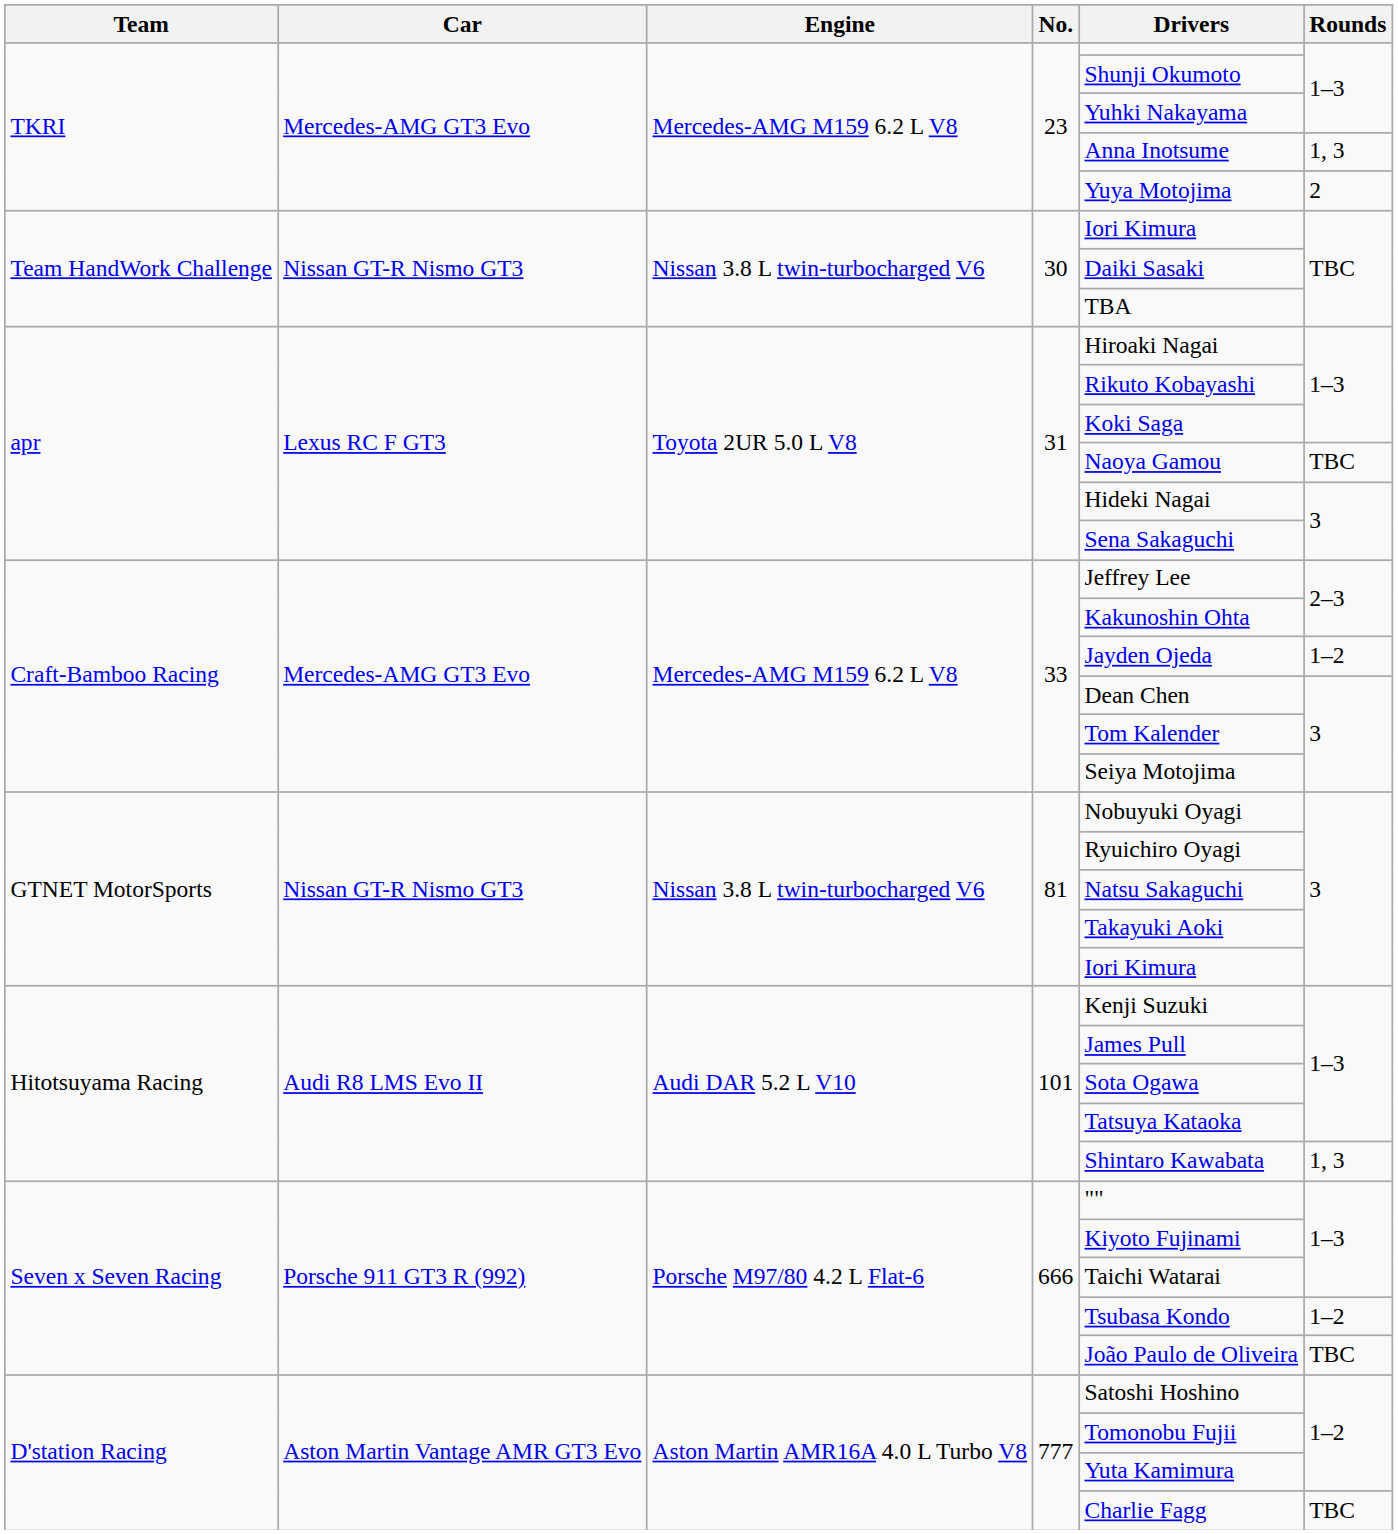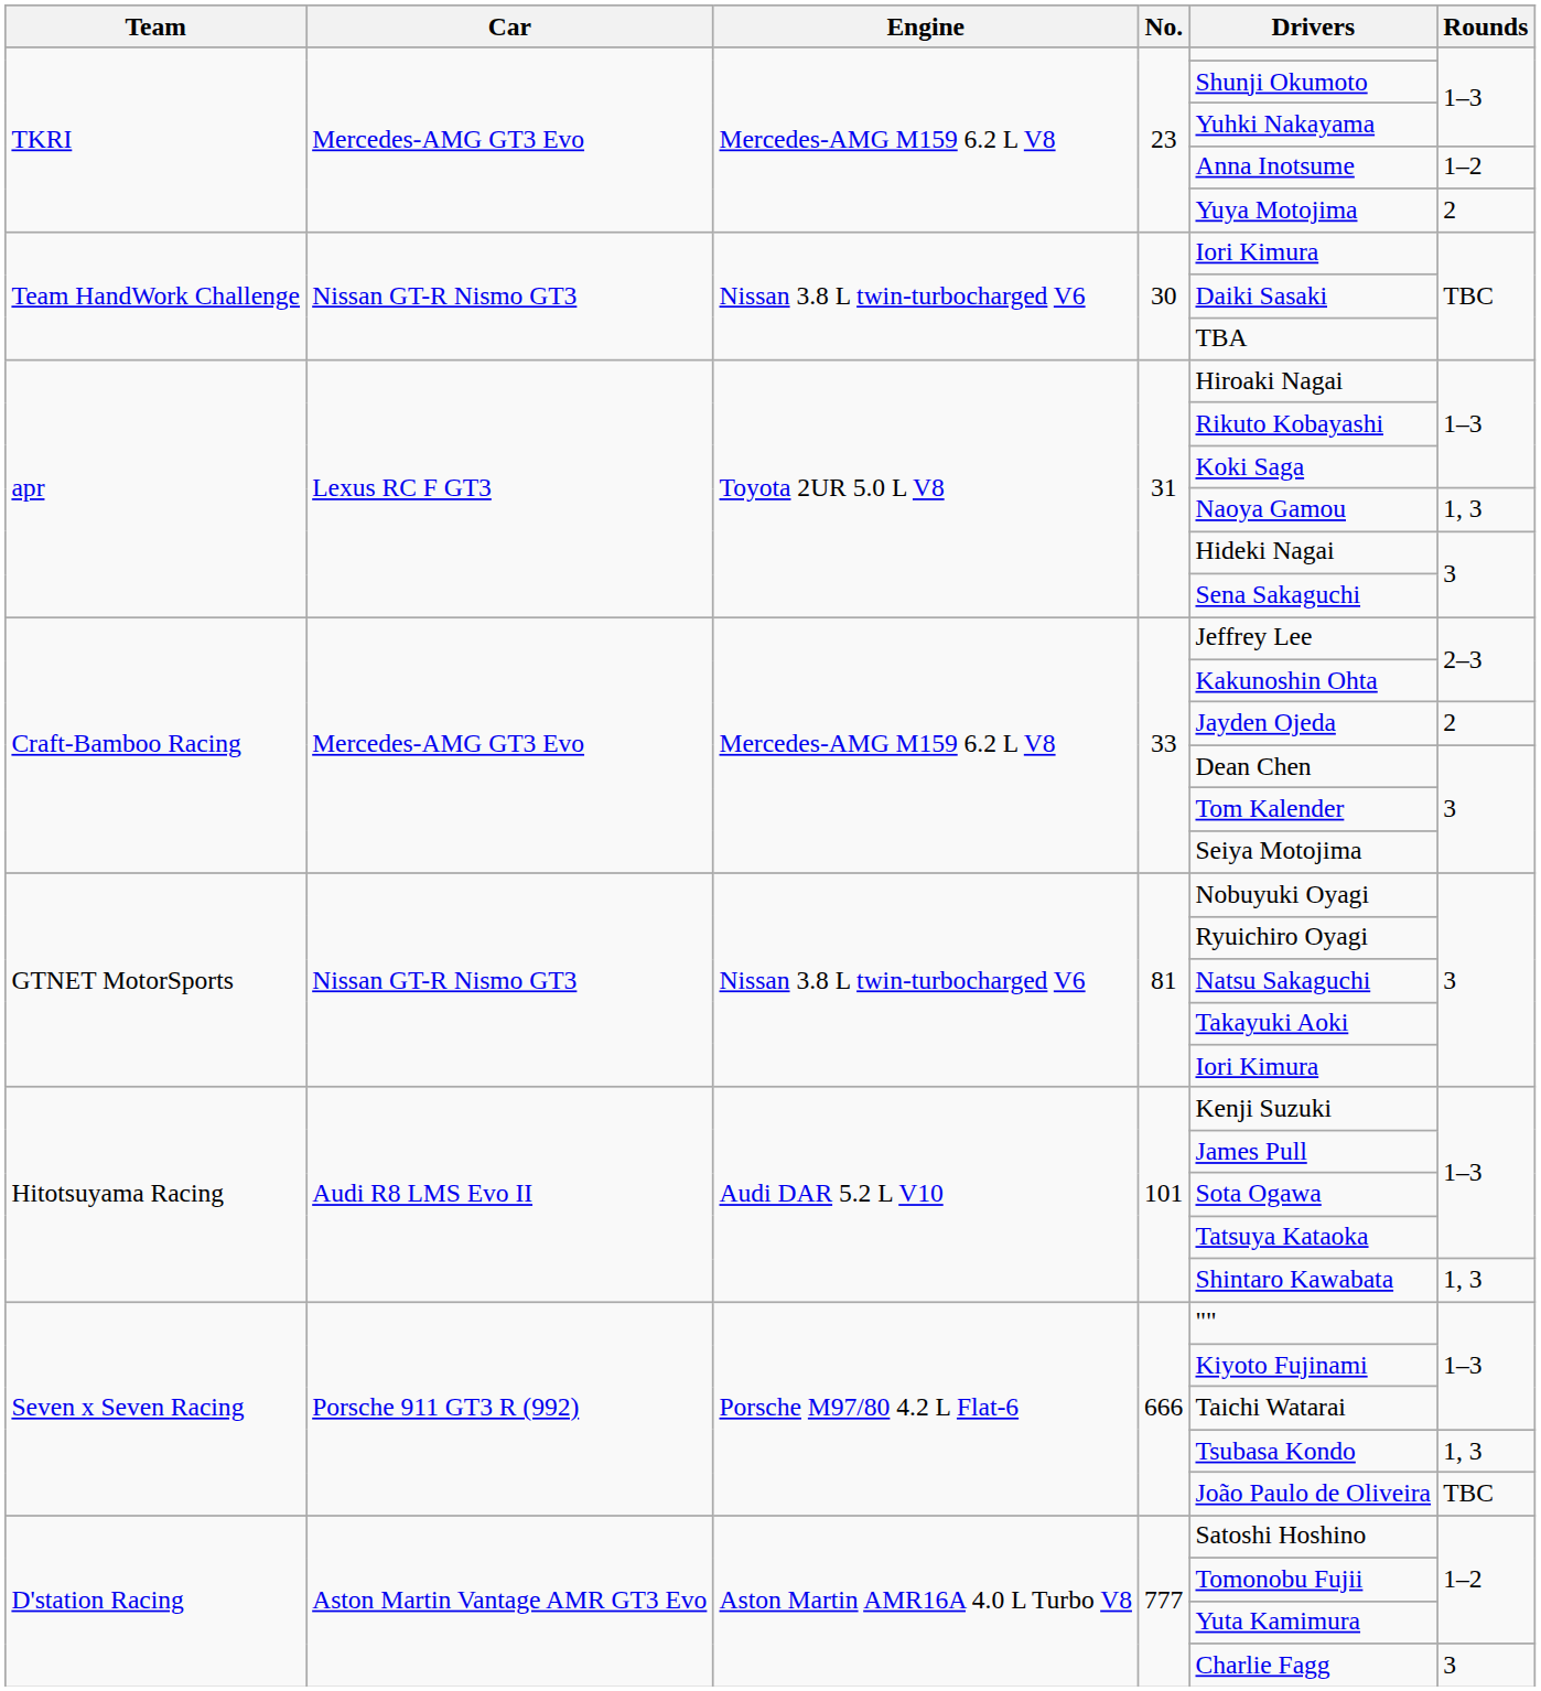 <table class="wikitable" style="font-size: 85%">
 <tr>
 <th>Team</th>
 <th>Car</th>
 <th>Engine</th>
 <th>No.</th>
 <th>Drivers</th>
 <th>Rounds</th>
 </tr>
 <tr>
 <td rowspan="5"> <a href='#'>TKRI</a></td>
 <td rowspan="5"><a href='#'>Mercedes-AMG GT3 Evo</a></td>
 <td rowspan="5"><a href='#'>Mercedes-AMG M159</a> 6.2 L <a href='#'>V8</a></td>
 <td align="center" rowspan="5">23</td>
 <td> </td>
 <td rowspan="3">1–3</td>
 </tr>
 <tr>
 <td> <a href='#'>Shunji Okumoto</a></td>
 </tr>
 <tr>
 <td> <a href='#'>Yuhki Nakayama</a></td>
 </tr>
 <tr>
 <td> <a href='#'>Anna Inotsume</a></td>
-<td>1, 3</td>
+<td>1–2</td>
 </tr>
 <tr>
 <td> <a href='#'>Yuya Motojima</a></td>
 <td>2</td>
 </tr>
 <tr>
 <td rowspan="3"> <a href='#'>Team HandWork Challenge</a></td>
 <td rowspan="3"><a href='#'>Nissan GT-R Nismo GT3</a></td>
 <td rowspan="3"><a href='#'>Nissan</a> 3.8 L <a href='#'>twin-turbocharged</a> <a href='#'>V6</a></td>
 <td align="center" rowspan="3">30</td>
 <td> <a href='#'>Iori Kimura</a></td>
 <td rowspan="3">TBC</td>
 </tr>
 <tr>
 <td> <a href='#'>Daiki Sasaki</a></td>
 </tr>
 <tr>
 <td> TBA</td>
 </tr>
 <tr>
 <td rowspan="6"> <a href='#'>apr</a></td>
 <td rowspan="6"><a href='#'>Lexus RC F GT3</a></td>
 <td rowspan="6"><a href='#'>Toyota</a> 2UR 5.0 L <a href='#'>V8</a></td>
 <td align="center" rowspan="6">31</td>
 <td> Hiroaki Nagai</td>
 <td rowspan="3">1–3</td>
 </tr>
 <tr>
 <td> <a href='#'>Rikuto Kobayashi</a></td>
 </tr>
 <tr>
 <td> <a href='#'>Koki Saga</a></td>
 </tr>
 <tr>
 <td> <a href='#'>Naoya Gamou</a></td>
-<td>TBC</td>
+<td>1, 3</td>
 </tr>
 <tr>
 <td> Hideki Nagai</td>
 <td rowspan="2">3</td>
 </tr>
 <tr>
 <td> <a href='#'>Sena Sakaguchi</a></td>
 </tr>
 <tr>
 <td rowspan="6"> <a href='#'>Craft-Bamboo Racing</a></td>
 <td rowspan="6"><a href='#'>Mercedes-AMG GT3 Evo</a></td>
 <td rowspan="6"><a href='#'>Mercedes-AMG M159</a> 6.2 L <a href='#'>V8</a></td>
 <td align="center" rowspan="6">33</td>
 <td> Jeffrey Lee</td>
 <td rowspan="2">2–3</td>
 </tr>
 <tr>
 <td> <a href='#'>Kakunoshin Ohta</a></td>
 </tr>
 <tr>
 <td> <a href='#'>Jayden Ojeda</a></td>
-<td>1–2</td>
+<td>2</td>
 </tr>
 <tr>
 <td> Dean Chen</td>
 <td rowspan="3">3</td>
 </tr>
 <tr>
 <td> <a href='#'>Tom Kalender</a></td>
 </tr>
 <tr>
 <td> Seiya Motojima</td>
 </tr>
 <tr>
 <td rowspan="5"> GTNET MotorSports</td>
 <td rowspan="5"><a href='#'>Nissan GT-R Nismo GT3</a></td>
 <td rowspan="5"><a href='#'>Nissan</a> 3.8 L <a href='#'>twin-turbocharged</a> <a href='#'>V6</a></td>
 <td align="center" rowspan="5">81</td>
 <td> Nobuyuki Oyagi</td>
 <td rowspan="5">3</td>
 </tr>
 <tr>
 <td> Ryuichiro Oyagi</td>
 </tr>
 <tr>
 <td> <a href='#'>Natsu Sakaguchi</a></td>
 </tr>
 <tr>
 <td> <a href='#'>Takayuki Aoki</a></td>
 </tr>
 <tr>
 <td> <a href='#'>Iori Kimura</a></td>
 </tr>
 <tr>
 <td rowspan="5"> Hitotsuyama Racing</td>
 <td rowspan="5"><a href='#'>Audi R8 LMS Evo II</a></td>
 <td rowspan="5"><a href='#'>Audi DAR</a> 5.2 L <a href='#'>V10</a></td>
 <td align="center" rowspan="5">101</td>
 <td> Kenji Suzuki</td>
 <td rowspan="4">1–3</td>
 </tr>
 <tr>
 <td> <a href='#'>James Pull</a></td>
 </tr>
 <tr>
 <td> <a href='#'>Sota Ogawa</a></td>
 </tr>
 <tr>
 <td> <a href='#'>Tatsuya Kataoka</a></td>
 </tr>
 <tr>
 <td> <a href='#'>Shintaro Kawabata</a></td>
 <td>1, 3</td>
 </tr>
 <tr>
 <td rowspan="5"> <a href='#'>Seven x Seven Racing</a></td>
 <td rowspan="5"><a href='#'>Porsche 911 GT3 R (992)</a></td>
 <td rowspan="5"><a href='#'>Porsche</a> <a href='#'>M97/80</a> 4.2 L <a href='#'>Flat-6</a></td>
 <td rowspan="5" align=center>666</td>
 <td> ""</td>
 <td rowspan="3">1–3</td>
 </tr>
 <tr>
 <td> <a href='#'>Kiyoto Fujinami</a></td>
 </tr>
 <tr>
 <td> Taichi Watarai</td>
 </tr>
 <tr>
 <td> <a href='#'>Tsubasa Kondo</a></td>
-<td>1–2</td>
+<td>1, 3</td>
 </tr>
 <tr>
 <td> <a href='#'>João Paulo de Oliveira</a></td>
 <td>TBC</td>
 </tr>
 <tr>
 <td rowspan="4"> <a href='#'>D'station Racing</a></td>
 <td rowspan="4"><a href='#'>Aston Martin Vantage AMR GT3 Evo</a></td>
 <td rowspan="4"><a href='#'>Aston Martin</a> <a href='#'>AMR16A</a> 4.0 L Turbo <a href='#'>V8</a></td>
 <td rowspan="4" align="center">777</td>
 <td> Satoshi Hoshino</td>
 <td rowspan="3">1–2</td>
 </tr>
 <tr>
 <td> <a href='#'>Tomonobu Fujii</a></td>
 </tr>
 <tr>
 <td> <a href='#'>Yuta Kamimura</a></td>
 </tr>
 <tr>
 <td> <a href='#'>Charlie Fagg</a></td>
-<td>TBC</td>
+<td>3</td>
 </tr>
 <tr>
 </tr>
 </table>
